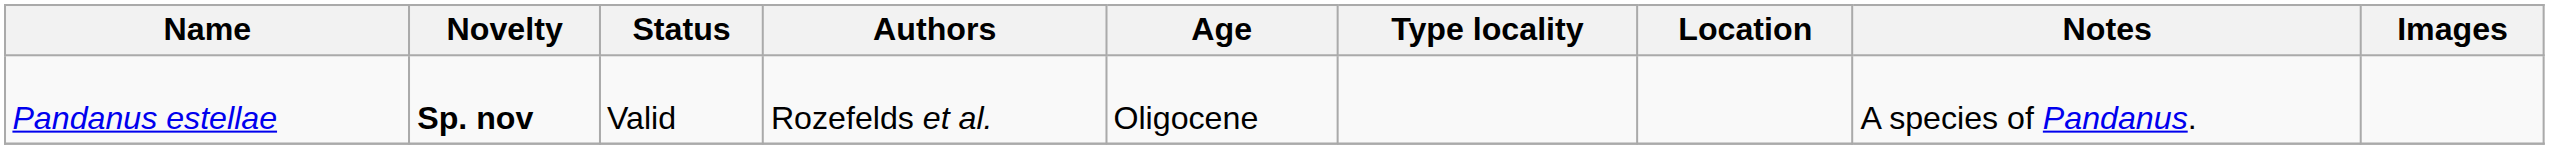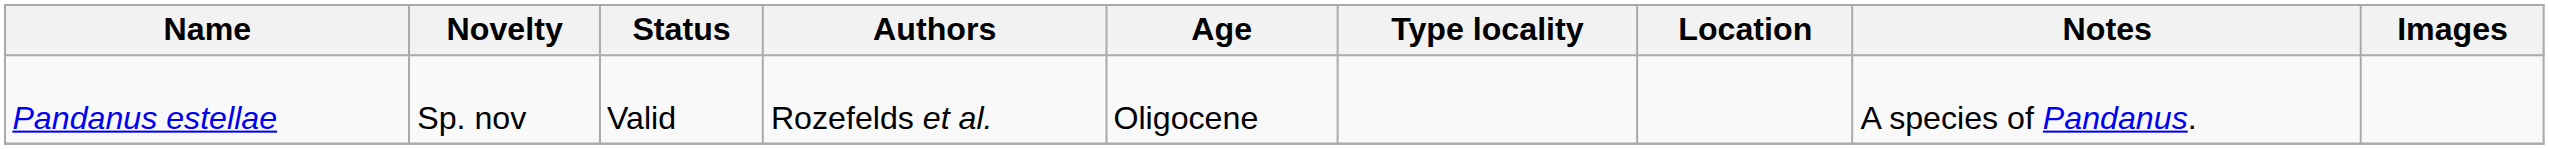 <table class="wikitable sortable" align="center" width="100%">
 <tr>
 <th>Name</th>
 <th>Novelty</th>
 <th>Status</th>
 <th>Authors</th>
 <th>Age</th>
 <th>Type locality</th>
 <th>Location</th>
 <th>Notes</th>
 <th>Images</th>
 </tr>
 <tr>
 <td><br><em><a href='#'>Pandanus estellae</a></em></td>
-<td><strong><br>Sp. nov</strong></td>
+<td><br>Sp. nov</td>
 <td><br>Valid</td>
 <td><br>Rozefelds <em>et al.</em></td>
 <td><br>Oligocene</td>
 <td></td>
 <td><br></td>
 <td><br>A species of <em><a href='#'>Pandanus</a></em>.</td>
 <td></td>
 </tr>
 <tr>
 </tr>
 </table>
